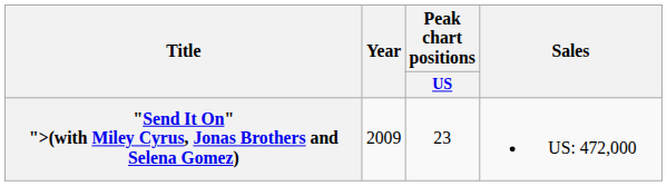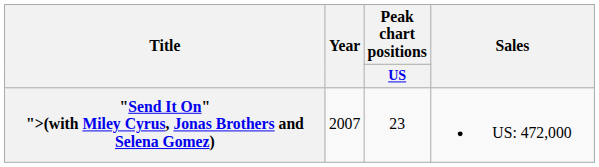 <table class="wikitable plainrowheaders" style="text-align:center;">
 <tr>
 <th scope="col" rowspan="2" style="width:20em;">Title</th>
 <th scope="col" rowspan="2" style="width:1em;">Year</th>
 <th scope="col" colspan="1">Peak chart positions</th>
 <th scope="col" rowspan="2" style="width:10em;">Sales</th>
 </tr>
 <tr>
 <th scope="col" style="width:2.5em;font-size:90%;"><a href='#'>US</a><br></th>
 </tr>
 <tr>
 <th scope="row">"<a href='#'>Send It On</a>"<br><span>">(with <a href='#'>Miley Cyrus</a>, <a href='#'>Jonas Brothers</a> and <a href='#'>Selena Gomez</a>)</span></th>
-<td>2009</td>
+<td>2007</td>
 <td>23</td>
 <td><br><ul><li>US: 472,000</li></ul></td>
 </tr>
 </table>
